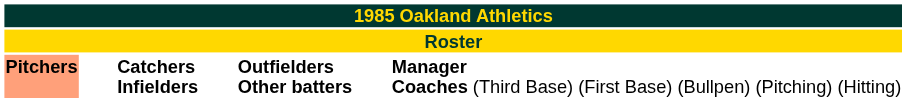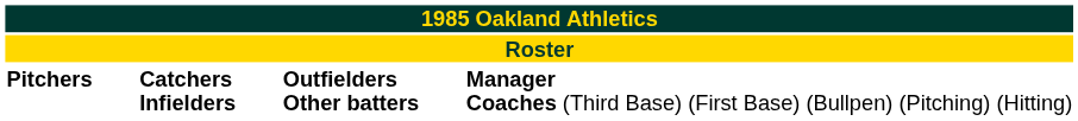 <table class="toccolours" style="font-size: 95%;">
 <tr>
 <th colspan="10" style="background:#003831; color:#ffd800; text-align:center;">1985 Oakland Athletics</th>
 </tr>
 <tr>
 <td colspan="7" style="background:#ffd800; color:#003831; text-align:center;"><strong>Roster</strong></td>
 </tr>
 <tr>
-<td valign="top" style="background: lightsalmon;"><strong>Pitchers</strong><br>                </td>
+<td valign="top"><strong>Pitchers</strong><br>                </td>
 <td style="width:25px;"></td>
 <td valign="top"><strong>Catchers</strong><br>   <strong>Infielders</strong>          </td>
 <td style="width:25px;"></td>
 <td valign="top"><strong>Outfielders</strong><br>     <strong>Other batters</strong> </td>
 <td style="width:25px;"></td>
 <td valign="top"><strong>Manager</strong><br> <strong>Coaches</strong>  (Third Base)  (First Base)  (Bullpen)  (Pitching)  (Hitting)</td>
 </tr>
 </table>
